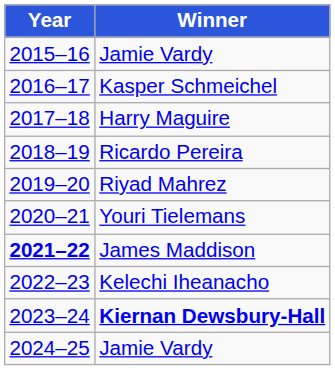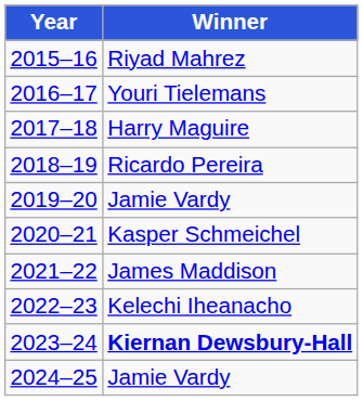 <table class="wikitable">
 <tr>
 <th style="color:white; background:#2B55DB;">Year</th>
 <th style="color:white; background:#2B55DB;">Winner</th>
 </tr>
 <tr>
 <td><a href='#'>2015–16</a></td>
-<td> <a href='#'>Jamie Vardy</a></td>
+<td> <a href='#'>Riyad Mahrez</a></td>
 </tr>
 <tr>
 <td><a href='#'>2016–17</a></td>
-<td> <a href='#'>Kasper Schmeichel</a></td>
+<td> <a href='#'>Youri Tielemans</a></td>
 </tr>
 <tr>
 <td><a href='#'>2017–18</a></td>
 <td> <a href='#'>Harry Maguire</a></td>
 </tr>
 <tr>
 <td><a href='#'>2018–19</a></td>
 <td> <a href='#'>Ricardo Pereira</a></td>
 </tr>
 <tr>
 <td><a href='#'>2019–20</a></td>
-<td> <a href='#'>Riyad Mahrez</a></td>
+<td> <a href='#'>Jamie Vardy</a></td>
 </tr>
 <tr>
 <td><a href='#'>2020–21</a></td>
-<td> <a href='#'>Youri Tielemans</a></td>
+<td> <a href='#'>Kasper Schmeichel</a></td>
 </tr>
 <tr>
-<td><strong><a href='#'>2021–22</a></strong></td>
+<td><a href='#'>2021–22</a></td>
 <td> <a href='#'>James Maddison</a></td>
 </tr>
 <tr>
 <td><a href='#'>2022–23</a></td>
 <td> <a href='#'>Kelechi Iheanacho</a></td>
 </tr>
 <tr>
 <td><a href='#'>2023–24</a></td>
 <td><strong> <a href='#'>Kiernan Dewsbury-Hall</a></strong></td>
 </tr>
 <tr>
 <td><a href='#'>2024–25</a></td>
 <td> <a href='#'>Jamie Vardy</a></td>
 </tr>
 </table>
